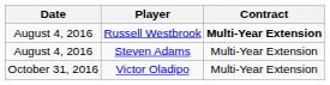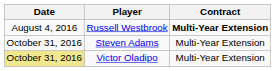 <table class="wikitable" style="text-align: center">
 <tr>
 <th>Date</th>
 <th>Player</th>
 <th>Contract</th>
 </tr>
 <tr style="text-align: center">
 <td>August 4, 2016</td>
 <td><a href='#'>Russell Westbrook</a></td>
 <td><strong>Multi-Year Extension</strong></td>
 </tr>
 <tr style="text-align: center">
-<td>August 4, 2016</td>
+<td>October 31, 2016</td>
 <td><a href='#'>Steven Adams</a></td>
 <td>Multi-Year Extension</td>
 </tr>
 <tr style="text-align: center">
-<td>October 31, 2016</td>
+<td style="background: khaki;">October 31, 2016</td>
 <td><a href='#'>Victor Oladipo</a></td>
 <td>Multi-Year Extension</td>
 </tr>
 </table>
